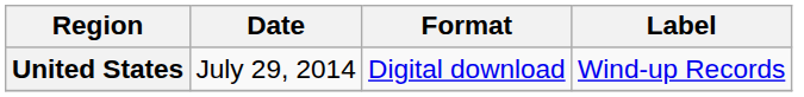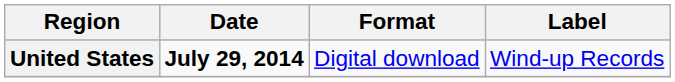 <table class="wikitable plainrowheaders">
 <tr>
 <th>Region</th>
 <th>Date</th>
 <th>Format</th>
 <th>Label</th>
 </tr>
 <tr>
 <th scope="row">United States</th>
-<td>July 29, 2014</td>
+<td><strong>July 29, 2014</strong></td>
 <td><a href='#'>Digital download</a></td>
 <td><a href='#'>Wind-up Records</a></td>
 </tr>
 <tr>
 </tr>
 </table>
